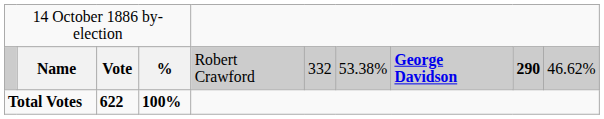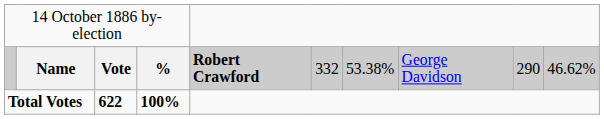 <table class="wikitable">
 <tr>
 <td colspan=4 align=center>14 October 1886 by-election</td>
 </tr>
 <tr bgcolor="CCCCCC">
 <td></td>
 <th><strong>Name </strong></th>
 <th><strong>Vote</strong></th>
 <th><strong>%</strong><br></th>
-<td>Robert Crawford</td>
+<td><strong>Robert Crawford</strong></td>
 <td>332</td>
 <td>53.38%<br></td>
-<td><strong><a href='#'>George Davidson</a></strong></td>
-<td><strong>290</strong></td>
+<td><a href='#'>George Davidson</a></td>
+<td>290</td>
 <td>46.62%</td>
 </tr>
 <tr>
 <td colspan=2><strong>Total Votes</strong></td>
 <td><strong>622</strong></td>
 <td><strong>100%</strong></td>
 </tr>
 </table>
